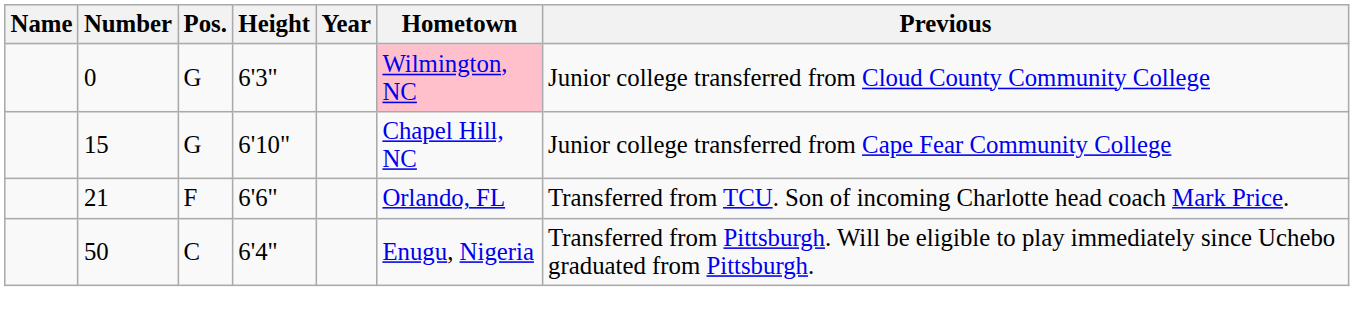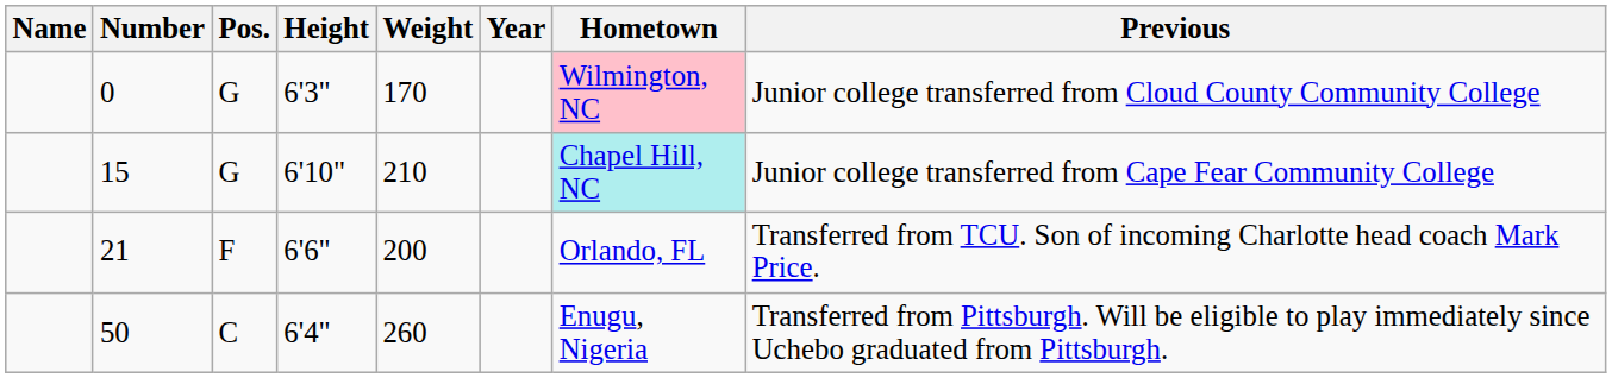 <table class="wikitable sortable" border="1">
 <tr>
 <th>Name</th>
 <th>Number</th>
 <th>Pos.</th>
 <th>Height</th>
+<th>Weight</th>
 <th>Year</th>
 <th>Hometown</th>
 <th>Previous</th>
 </tr>
 <tr>
 <td></td>
 <td>0</td>
 <td>G</td>
 <td>6'3"</td>
+<td>170</td>
 <td></td>
 <td style="background: pink;"><a href='#'>Wilmington, NC</a></td>
 <td>Junior college transferred from <a href='#'>Cloud County Community College</a></td>
 </tr>
 <tr>
 <td></td>
 <td>15</td>
 <td>G</td>
 <td>6'10"</td>
+<td>210</td>
 <td></td>
-<td><a href='#'>Chapel Hill, NC</a></td>
+<td style="background: paleturquoise;"><a href='#'>Chapel Hill, NC</a></td>
 <td>Junior college transferred from <a href='#'>Cape Fear Community College</a></td>
 </tr>
 <tr>
 <td></td>
 <td>21</td>
 <td>F</td>
 <td>6'6"</td>
+<td>200</td>
 <td></td>
 <td><a href='#'>Orlando, FL</a></td>
 <td>Transferred from <a href='#'>TCU</a>. Son of incoming Charlotte head coach <a href='#'>Mark Price</a>.</td>
 </tr>
 <tr>
 <td></td>
 <td>50</td>
 <td>C</td>
 <td>6'4"</td>
+<td>260</td>
 <td></td>
 <td><a href='#'>Enugu</a>, <a href='#'>Nigeria</a></td>
 <td>Transferred from <a href='#'>Pittsburgh</a>. Will be eligible to play immediately since Uchebo graduated from <a href='#'>Pittsburgh</a>.</td>
 </tr>
 </table>
